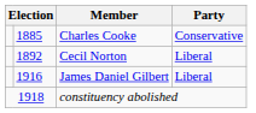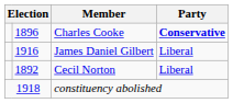 <table class="wikitable">
 <tr>
 <th colspan="2">Election</th>
 <th>Member</th>
 <th>Party</th>
 </tr>
 <tr>
 <td style="color:inherit;background-color: "></td>
-<td><a href='#'>1885</a></td>
+<td><a href='#'>1896</a></td>
 <td><a href='#'>Charles Cooke</a></td>
-<td><a href='#'>Conservative</a></td>
+<td><strong><a href='#'>Conservative</a></strong></td>
+</tr>
+<tr>
+<td style="color:inherit;background-color: "></td>
+<td><a href='#'>1916</a></td>
+<td><a href='#'>James Daniel Gilbert</a></td>
+<td><a href='#'>Liberal</a></td>
 </tr>
 <tr>
 <td style="color:inherit;background-color: "></td>
 <td><a href='#'>1892</a></td>
 <td><a href='#'>Cecil Norton</a></td>
 <td><a href='#'>Liberal</a></td>
 </tr>
 <tr>
-<td style="color:inherit;background-color: "></td>
-<td><a href='#'>1916</a></td>
-<td><a href='#'>James Daniel Gilbert</a></td>
-<td><a href='#'>Liberal</a></td>
-</tr>
-<tr>
 <td colspan="2" align="center"><a href='#'>1918</a></td>
 <td colspan="2"><em>constituency abolished</em></td>
 </tr>
 </table>
